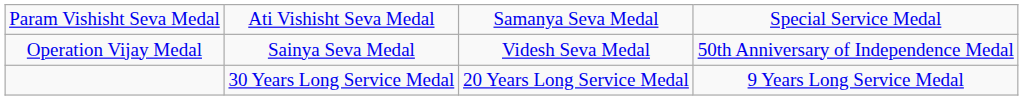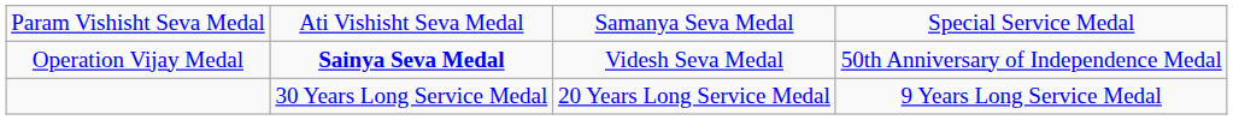 <table class="wikitable" style="margin:1em auto; text-align:center;">
 <tr>
 <td><a href='#'>Param Vishisht Seva Medal</a></td>
 <td><a href='#'>Ati Vishisht Seva Medal</a></td>
 <td><a href='#'>Samanya Seva Medal</a></td>
 <td><a href='#'>Special Service Medal</a></td>
 </tr>
 <tr>
 <td><a href='#'>Operation Vijay Medal</a></td>
-<td><a href='#'>Sainya Seva Medal</a></td>
+<td><strong><a href='#'>Sainya Seva Medal</a></strong></td>
 <td><a href='#'>Videsh Seva Medal</a></td>
 <td><a href='#'>50th Anniversary of Independence Medal</a></td>
 </tr>
 <tr>
 <td></td>
 <td><a href='#'>30 Years Long Service Medal</a></td>
 <td><a href='#'>20 Years Long Service Medal</a></td>
 <td><a href='#'>9 Years Long Service Medal</a></td>
 </tr>
 </table>
